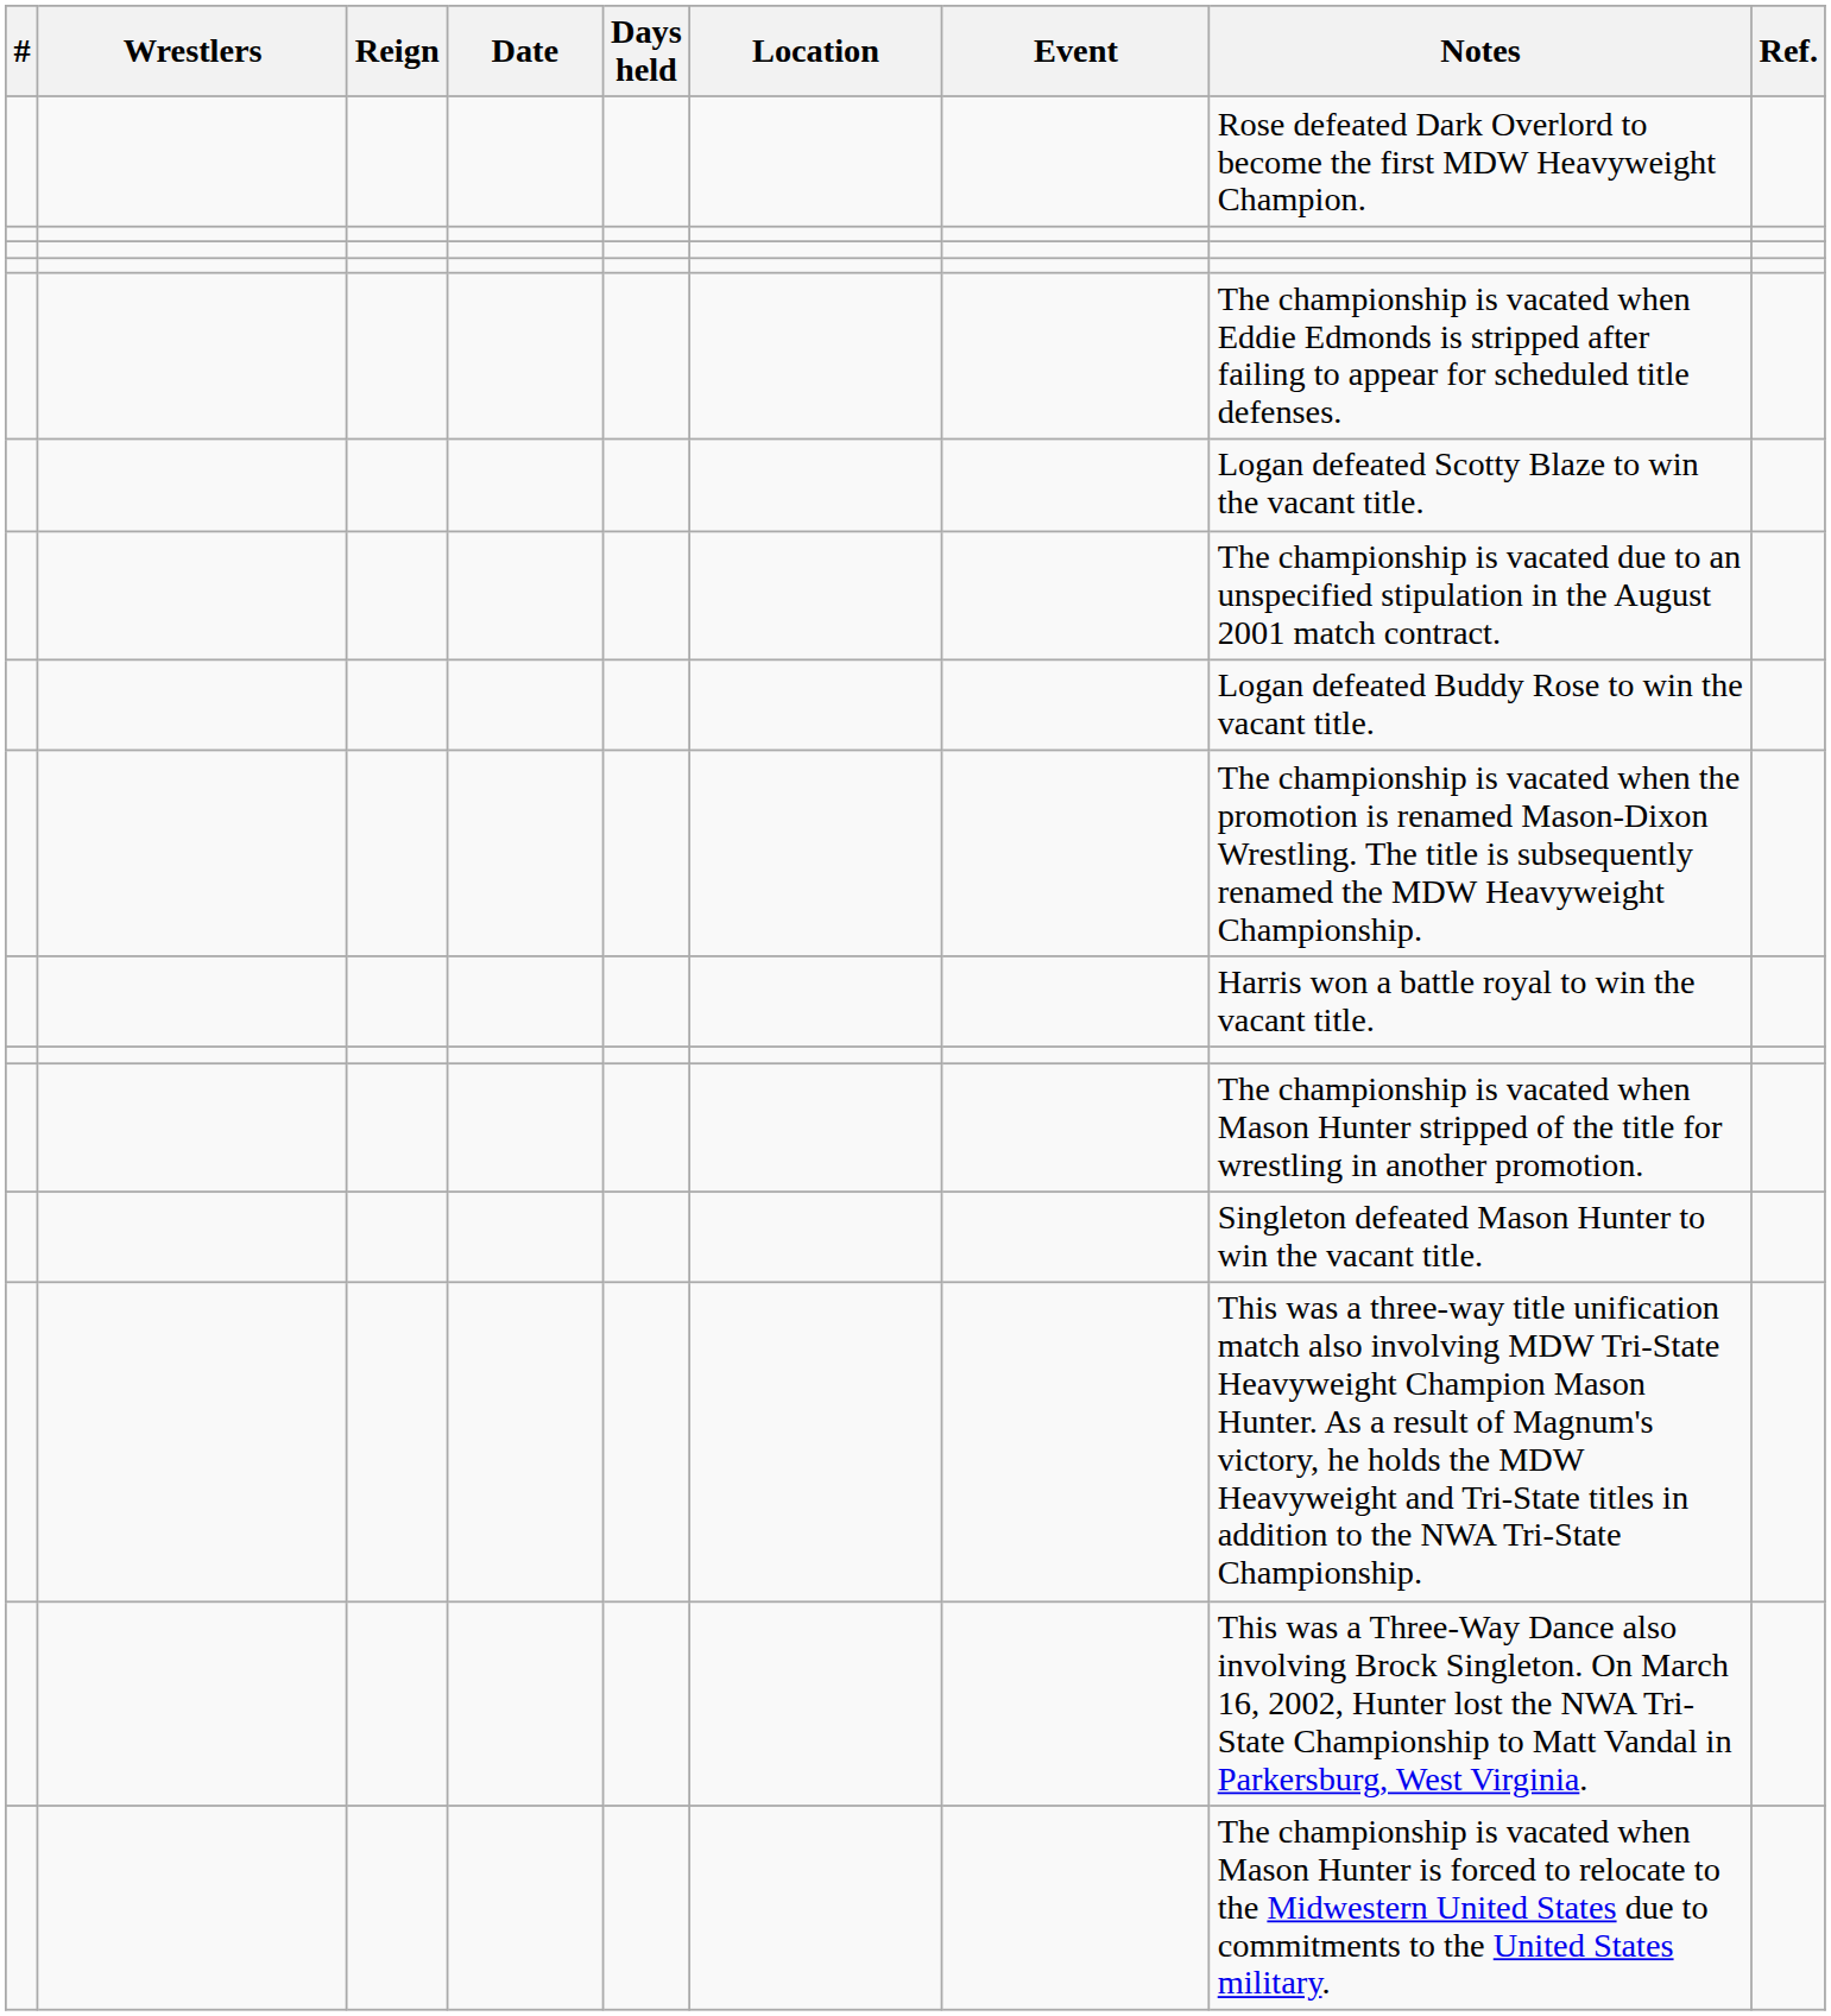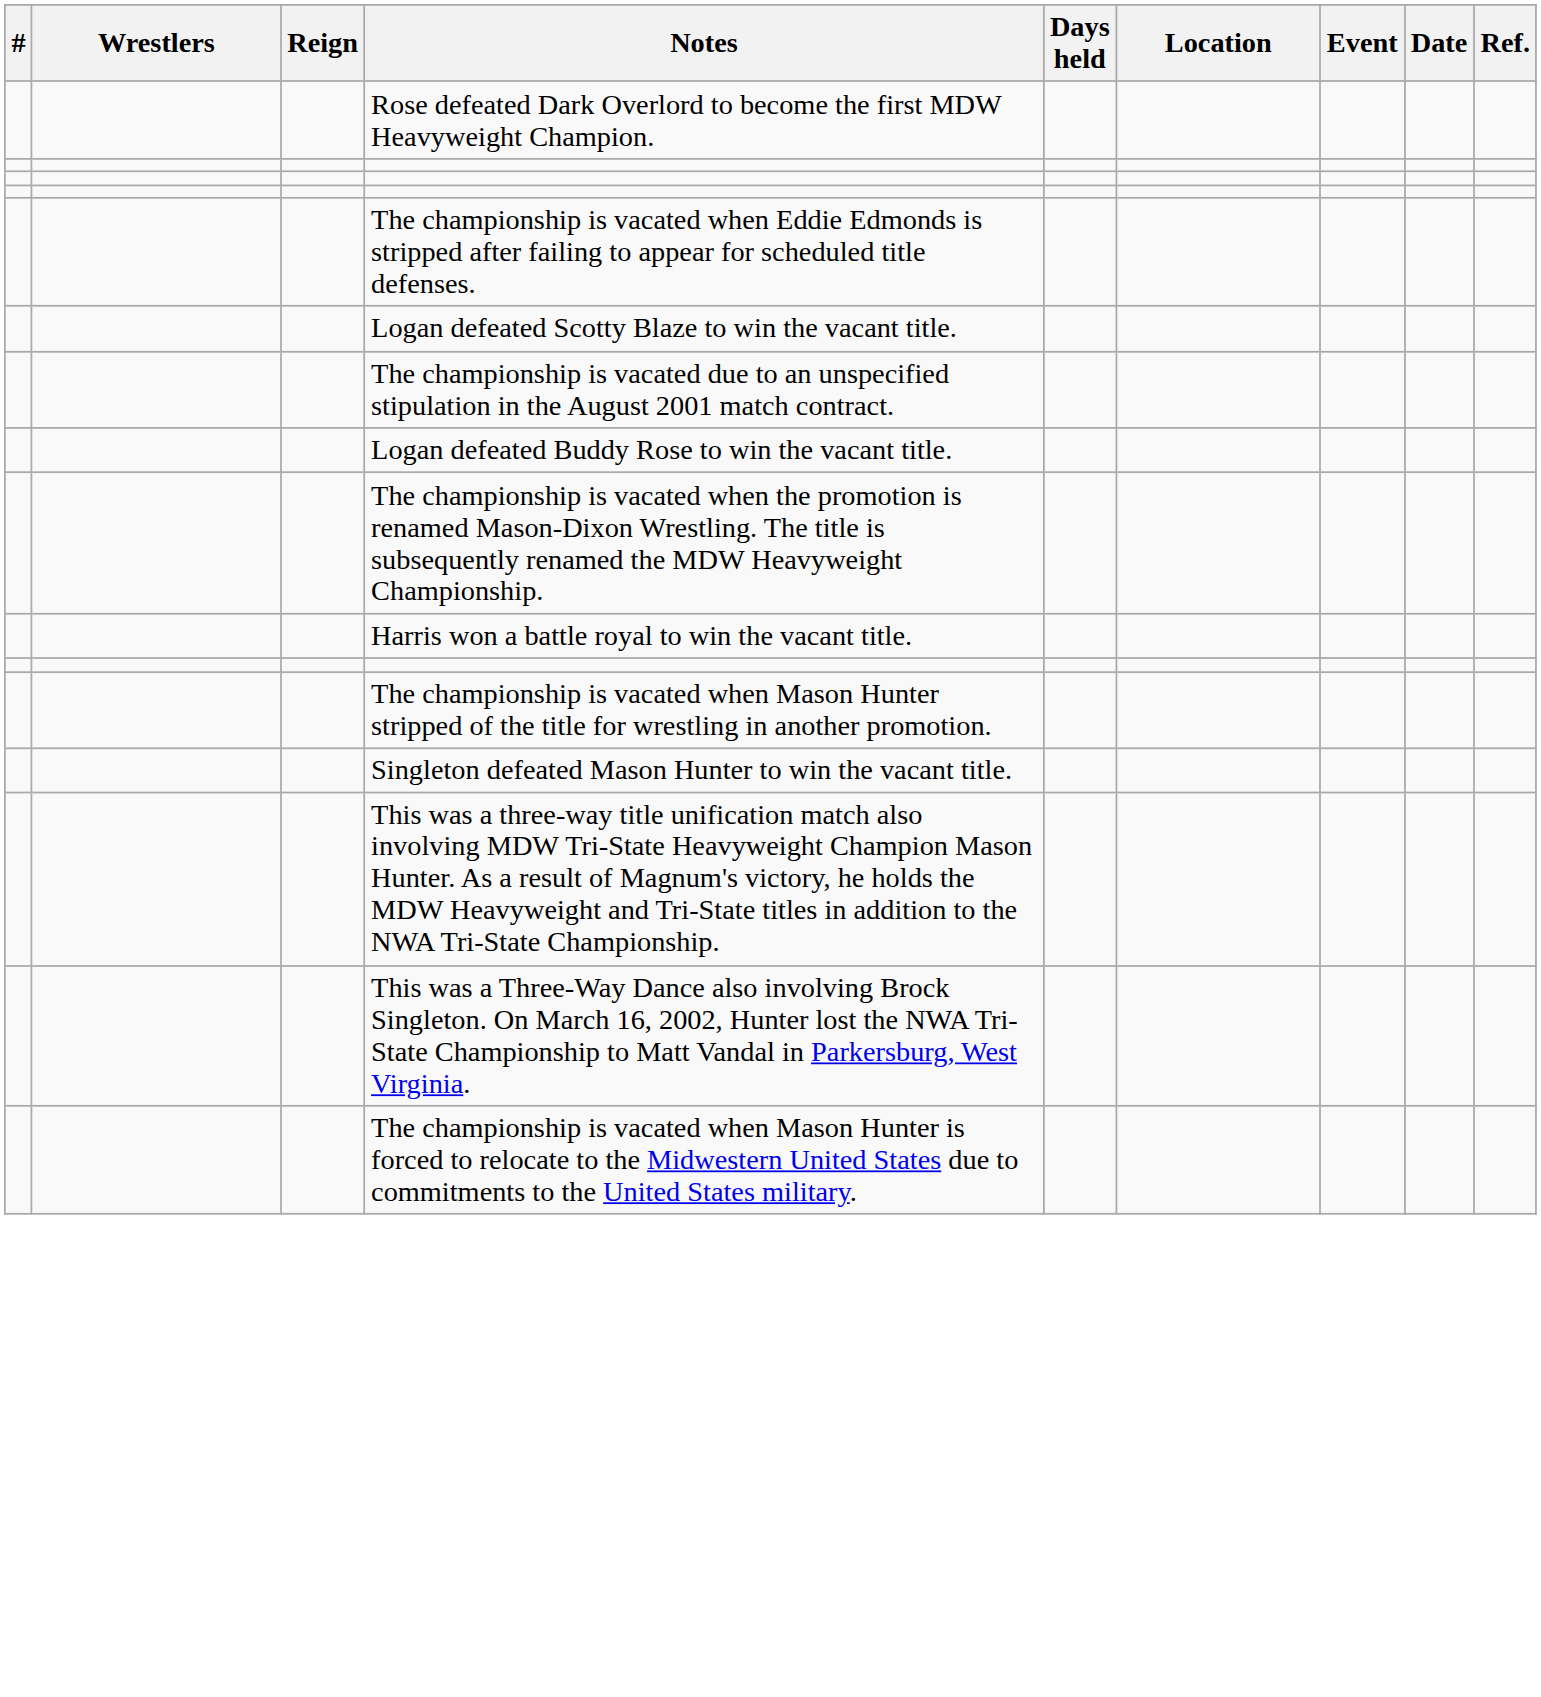 <table class="wikitable sortable" width=98% style="text-align:center;">
 <tr>
 <th width=0%>#</th>
 <th width=20%>Wrestlers</th>
 <th width=0%>Reign</th>
-<th width=10%>Date</th>
+<th width=60% class="unsortable">Notes</th>
 <th width=0%>Days<br>held</th>
 <th width=16%>Location</th>
 <th width=18%>Event</th>
-<th width=60% class="unsortable">Notes</th>
+<th width=10%>Date</th>
 <th width=0% class="unsortable">Ref.</th>
 </tr>
 <tr>
 <td></td>
 <td></td>
 <td></td>
+<td align="left">Rose defeated Dark Overlord to become the first MDW Heavyweight Champion.</td>
 <td></td>
 <td></td>
 <td></td>
 <td></td>
-<td align="left">Rose defeated Dark Overlord to become the first MDW Heavyweight Champion.</td>
 <td align="left"></td>
 </tr>
 <tr>
 <td></td>
 <td></td>
 <td></td>
+<td align="left"></td>
 <td></td>
 <td></td>
 <td></td>
 <td></td>
-<td align="left"></td>
 <td align="left"></td>
 </tr>
 <tr>
 <td></td>
 <td></td>
 <td></td>
+<td align="left"></td>
 <td></td>
 <td></td>
 <td></td>
 <td></td>
-<td align="left"></td>
 <td align="left"></td>
 </tr>
 <tr>
 <td></td>
 <td></td>
 <td></td>
+<td align="left"></td>
 <td></td>
 <td></td>
 <td></td>
 <td></td>
-<td align="left"></td>
 <td align="left"></td>
 </tr>
 <tr>
 <td></td>
 <td></td>
 <td></td>
+<td align="left">The championship is vacated when Eddie Edmonds is stripped after failing to appear for scheduled title defenses.</td>
 <td></td>
 <td></td>
 <td></td>
 <td></td>
-<td align="left">The championship is vacated when Eddie Edmonds is stripped after failing to appear for scheduled title defenses.</td>
 <td align="left"></td>
 </tr>
 <tr>
 <td></td>
 <td></td>
 <td></td>
+<td align="left">Logan defeated Scotty Blaze to win the vacant title.</td>
 <td></td>
 <td></td>
 <td></td>
 <td></td>
-<td align="left">Logan defeated Scotty Blaze to win the vacant title.</td>
 <td align="left"></td>
 </tr>
 <tr>
 <td></td>
 <td></td>
 <td></td>
+<td align="left">The championship is vacated due to an unspecified stipulation in the August 2001 match contract.</td>
 <td></td>
 <td></td>
 <td></td>
 <td></td>
-<td align="left">The championship is vacated due to an unspecified stipulation in the August 2001 match contract.</td>
 <td align="left"></td>
 </tr>
 <tr>
 <td></td>
 <td></td>
 <td></td>
+<td align="left">Logan defeated Buddy Rose to win the vacant title.</td>
 <td></td>
 <td></td>
 <td></td>
 <td></td>
-<td align="left">Logan defeated Buddy Rose to win the vacant title.</td>
 <td align="left"></td>
 </tr>
 <tr>
 <td></td>
 <td></td>
 <td></td>
+<td align="left">The championship is vacated when the promotion is renamed Mason-Dixon Wrestling. The title is subsequently renamed the MDW Heavyweight Championship.</td>
 <td></td>
 <td></td>
 <td></td>
 <td></td>
-<td align="left">The championship is vacated when the promotion is renamed Mason-Dixon Wrestling. The title is subsequently renamed the MDW Heavyweight Championship.</td>
 <td align="left"></td>
 </tr>
 <tr>
 <td></td>
 <td></td>
 <td></td>
+<td align="left">Harris won a battle royal to win the vacant title.</td>
 <td></td>
 <td></td>
 <td></td>
 <td></td>
-<td align="left">Harris won a battle royal to win the vacant title.</td>
 <td align="left"></td>
 </tr>
 <tr>
 <td></td>
 <td></td>
 <td></td>
+<td align="left"></td>
 <td></td>
 <td></td>
 <td></td>
 <td></td>
-<td align="left"></td>
 <td align="left"></td>
 </tr>
 <tr>
 <td></td>
 <td></td>
 <td></td>
+<td align="left">The championship is vacated when Mason Hunter stripped of the title for wrestling in another promotion.</td>
 <td></td>
 <td></td>
 <td></td>
 <td></td>
-<td align="left">The championship is vacated when Mason Hunter stripped of the title for wrestling in another promotion.</td>
 <td align="left"></td>
 </tr>
 <tr>
 <td></td>
 <td></td>
 <td></td>
+<td align="left">Singleton defeated Mason Hunter to win the vacant title.</td>
 <td></td>
 <td></td>
 <td></td>
 <td></td>
-<td align="left">Singleton defeated Mason Hunter to win the vacant title.</td>
 <td align="left"></td>
 </tr>
 <tr>
 <td></td>
 <td></td>
 <td></td>
+<td align="left">This was a three-way title unification match also involving MDW Tri-State Heavyweight Champion Mason Hunter. As a result of Magnum's victory, he holds the MDW Heavyweight and Tri-State titles in addition to the NWA Tri-State Championship.</td>
 <td></td>
 <td></td>
 <td></td>
 <td></td>
-<td align="left">This was a three-way title unification match also involving MDW Tri-State Heavyweight Champion Mason Hunter. As a result of Magnum's victory, he holds the MDW Heavyweight and Tri-State titles in addition to the NWA Tri-State Championship.</td>
 <td align="left"></td>
 </tr>
 <tr>
 <td></td>
 <td></td>
 <td></td>
+<td align="left">This was a Three-Way Dance also involving Brock Singleton. On March 16, 2002, Hunter lost the NWA Tri-State Championship to Matt Vandal in <a href='#'>Parkersburg, West Virginia</a>.</td>
 <td></td>
 <td></td>
 <td></td>
 <td></td>
-<td align="left">This was a Three-Way Dance also involving Brock Singleton. On March 16, 2002, Hunter lost the NWA Tri-State Championship to Matt Vandal in <a href='#'>Parkersburg, West Virginia</a>.</td>
 <td align="left"></td>
 </tr>
 <tr>
 <td></td>
 <td></td>
 <td></td>
+<td align="left">The championship is vacated when Mason Hunter is forced to relocate to the <a href='#'>Midwestern United States</a> due to commitments to the <a href='#'>United States military</a>.</td>
 <td></td>
 <td></td>
 <td></td>
 <td></td>
-<td align="left">The championship is vacated when Mason Hunter is forced to relocate to the <a href='#'>Midwestern United States</a> due to commitments to the <a href='#'>United States military</a>.</td>
 <td align="left"></td>
 </tr>
 </table>
